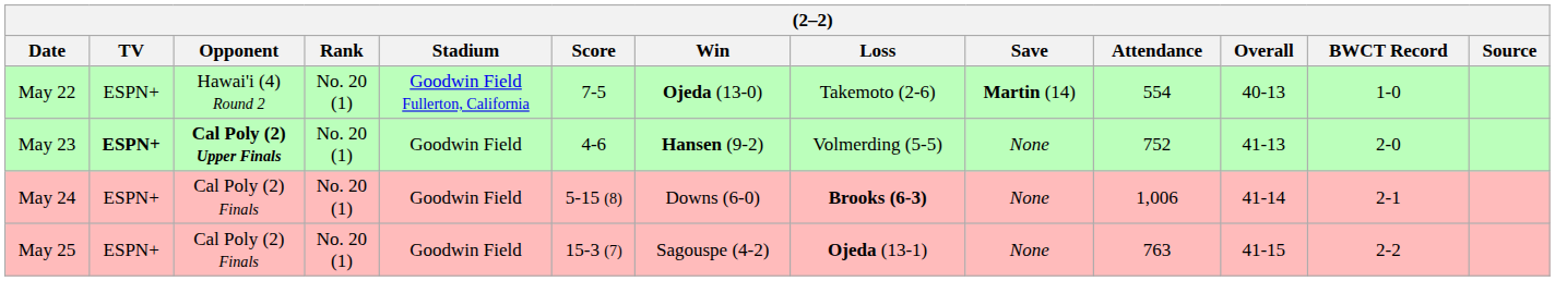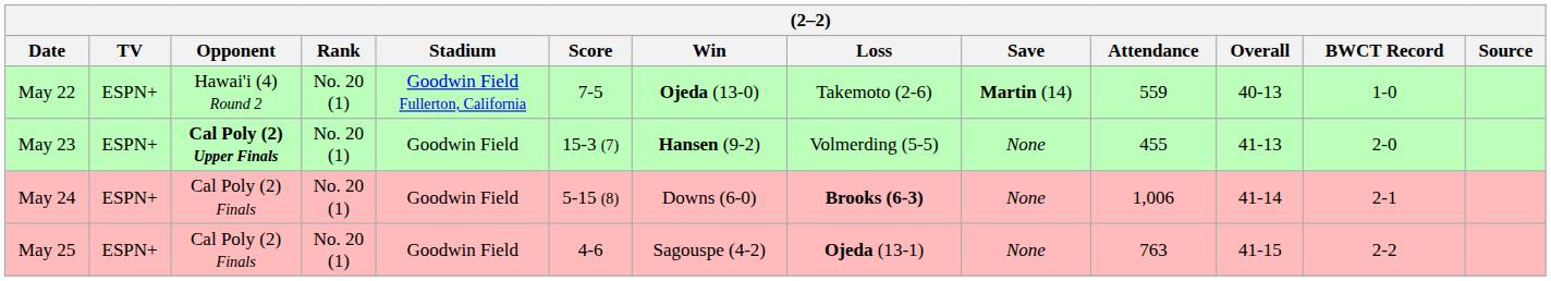 <table class="wikitable collapsible collapsed" style="margin:auto; width:100%; text-align:center; font-size:95%">
 <tr>
 <th colspan=14 style="padding-left:4em;"> (2–2)</th>
 </tr>
 <tr>
 <th bgcolor="#DDDDFF">Date</th>
 <th bgcolor="#DDDDFF">TV</th>
 <th bgcolor="#DDDDFF">Opponent</th>
 <th bgcolor="#DDDDFF">Rank</th>
 <th bgcolor="#DDDDFF">Stadium</th>
 <th bgcolor="#DDDDFF">Score</th>
 <th bgcolor="#DDDDFF">Win</th>
 <th bgcolor="#DDDDFF">Loss</th>
 <th bgcolor="#DDDDFF">Save</th>
 <th bgcolor="#DDDDFF">Attendance</th>
 <th bgcolor="#DDDDFF">Overall</th>
 <th bgcolor="#DDDDFF">BWCT Record</th>
 <th bgcolor="#DDDDFF">Source</th>
 </tr>
 <tr bgcolor="bbffbb">
 <td>May 22</td>
 <td>ESPN+</td>
 <td>Hawai'i (4) <br><small><em>Round 2</em></small></td>
 <td>No. 20 <br> (1)</td>
 <td><a href='#'>Goodwin Field</a><br><small><a href='#'>Fullerton, California</a></small></td>
 <td>7-5</td>
 <td><strong>Ojeda</strong> (13-0)</td>
 <td>Takemoto (2-6)</td>
 <td><strong>Martin</strong> (14)</td>
-<td>554</td>
+<td>559</td>
 <td>40-13</td>
 <td>1-0</td>
 <td></td>
 </tr>
 <tr bgcolor="bbffbb">
 <td>May 23</td>
-<td><strong>ESPN+</strong></td>
+<td>ESPN+</td>
 <td><strong>Cal Poly (2) <br><small><em>Upper Finals</em></small></strong></td>
 <td>No. 20 <br> (1)</td>
 <td>Goodwin Field</td>
-<td>4-6</td>
+<td>15-3 <small>(7)</small></td>
 <td><strong>Hansen</strong> (9-2)</td>
 <td>Volmerding (5-5)</td>
 <td><em>None</em></td>
-<td>752</td>
+<td>455</td>
 <td>41-13</td>
 <td>2-0</td>
 <td></td>
 </tr>
 <tr bgcolor="ffbbbb">
 <td>May 24</td>
 <td>ESPN+</td>
 <td>Cal Poly (2) <br><small><em>Finals</em></small></td>
 <td>No. 20 <br> (1)</td>
 <td>Goodwin Field</td>
 <td>5-15 <small>(8)</small></td>
 <td>Downs (6-0)</td>
 <td><strong>Brooks (6-3)</strong></td>
 <td><em>None</em></td>
 <td>1,006</td>
 <td>41-14</td>
 <td>2-1</td>
 <td></td>
 </tr>
 <tr bgcolor="ffbbbb">
 <td>May 25</td>
 <td>ESPN+</td>
 <td>Cal Poly (2) <br><small><em>Finals</em></small></td>
 <td>No. 20 <br> (1)</td>
 <td>Goodwin Field</td>
-<td>15-3 <small>(7)</small></td>
+<td>4-6</td>
 <td>Sagouspe (4-2)</td>
 <td><strong>Ojeda</strong> (13-1)</td>
 <td><em>None</em></td>
 <td>763</td>
 <td>41-15</td>
 <td>2-2</td>
 <td></td>
 </tr>
 </table>
